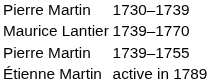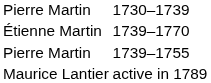 <table>
 <tr>
 <td>Pierre Martin</td>
 <td>1730–1739</td>
 </tr>
 <tr>
-<td>Maurice Lantier</td>
+<td>Étienne Martin</td>
 <td>1739–1770</td>
 </tr>
 <tr>
 <td>Pierre Martin</td>
 <td>1739–1755</td>
 </tr>
 <tr>
-<td>Étienne Martin</td>
+<td>Maurice Lantier</td>
 <td>active in 1789</td>
 </tr>
 </table>
